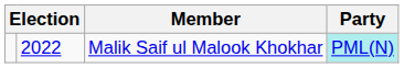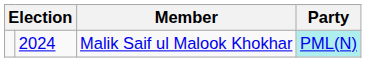 <table class="wikitable">
 <tr>
 <th colspan="2">Election</th>
 <th>Member</th>
 <th>Party</th>
 </tr>
 <tr>
 <td style="background-color: "></td>
-<td><a href='#'>2022</a></td>
+<td><a href='#'>2024</a></td>
 <td><a href='#'>Malik Saif ul Malook Khokhar</a></td>
 <td style="background: paleturquoise;"><a href='#'>PML(N)</a></td>
 </tr>
 </table>
